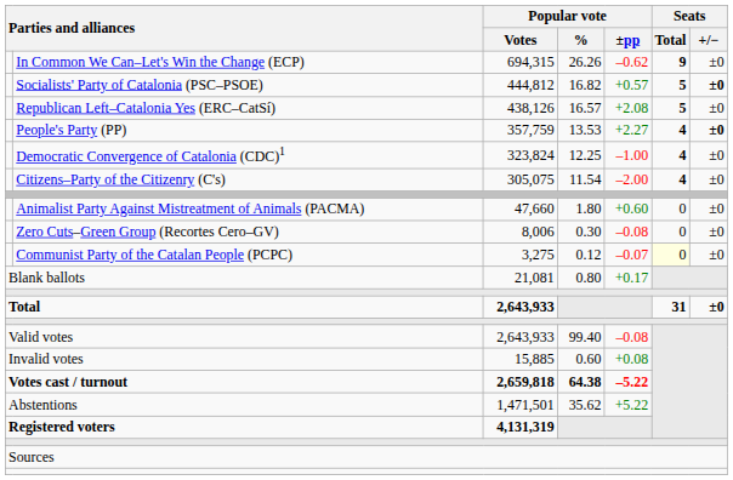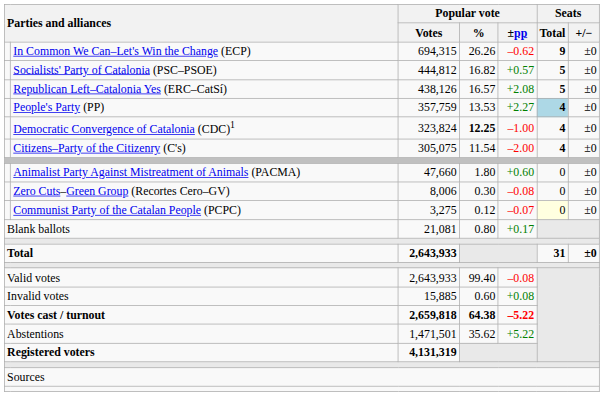 <table class="wikitable" style="text-align:right;">
 <tr>
 <th style="text-align:left;" rowspan="2" colspan="2" width="525">Parties and alliances</th>
 <th colspan="3">Popular vote</th>
 <th colspan="2">Seats</th>
 </tr>
 <tr>
 <th width="75">Votes</th>
 <th width="45">%</th>
 <th width="45">±<a href='#'>pp</a></th>
 <th width="35">Total</th>
 <th width="35">+/−</th>
 </tr>
 <tr>
 <td width="1" style="color:inherit;background:"></td>
 <td align="left"><a href='#'>In Common We Can–Let's Win the Change</a> (ECP)</td>
 <td>694,315</td>
 <td>26.26</td>
 <td style="color:red;">–0.62</td>
 <td><strong>9</strong></td>
 <td>±0</td>
 </tr>
 <tr>
 <td style="color:inherit;background:"></td>
 <td align="left"><a href='#'>Socialists' Party of Catalonia</a> (PSC–PSOE)</td>
 <td>444,812</td>
 <td>16.82</td>
 <td style="color:green;">+0.57</td>
 <td><strong>5</strong></td>
-<td><strong>±0</strong></td>
+<td>±0</td>
 </tr>
 <tr>
 <td style="color:inherit;background:"></td>
 <td align="left"><a href='#'>Republican Left–Catalonia Yes</a> (ERC–CatSí)</td>
 <td>438,126</td>
 <td>16.57</td>
 <td style="color:green;">+2.08</td>
 <td><strong>5</strong></td>
 <td>±0</td>
 </tr>
 <tr>
 <td style="color:inherit;background:"></td>
 <td align="left"><a href='#'>People's Party</a> (PP)</td>
 <td>357,759</td>
 <td>13.53</td>
 <td style="color:green;">+2.27</td>
-<td><strong>4</strong></td>
-<td><strong>±0</strong></td>
+<td style="background: lightblue;"><strong>4</strong></td>
+<td>±0</td>
 </tr>
 <tr>
 <td style="color:inherit;background:"></td>
 <td align="left"><a href='#'>Democratic Convergence of Catalonia</a> (CDC)<sup>1</sup></td>
 <td>323,824</td>
-<td>12.25</td>
+<td><strong>12.25</strong></td>
 <td style="color:red;">–1.00</td>
 <td><strong>4</strong></td>
 <td>±0</td>
 </tr>
 <tr>
 <td style="color:inherit;background:"></td>
 <td align="left"><a href='#'>Citizens–Party of the Citizenry</a> (C's)</td>
 <td>305,075</td>
 <td>11.54</td>
 <td style="color:red;">–2.00</td>
 <td><strong>4</strong></td>
 <td>±0</td>
 </tr>
 <tr>
 <td colspan="7" bgcolor="#C0C0C0"></td>
 </tr>
 <tr>
 <td style="color:inherit;background:"></td>
 <td align="left"><a href='#'>Animalist Party Against Mistreatment of Animals</a> (PACMA)</td>
 <td>47,660</td>
 <td>1.80</td>
 <td style="color:green;">+0.60</td>
 <td>0</td>
 <td>±0</td>
 </tr>
 <tr>
 <td style="color:inherit;background:"></td>
 <td align="left"><a href='#'>Zero Cuts</a>–<a href='#'>Green Group</a> (Recortes Cero–GV)</td>
 <td>8,006</td>
 <td>0.30</td>
 <td style="color:red;">–0.08</td>
 <td>0</td>
 <td>±0</td>
 </tr>
 <tr>
 <td style="color:inherit;background:"></td>
 <td align="left"><a href='#'>Communist Party of the Catalan People</a> (PCPC)</td>
 <td>3,275</td>
 <td>0.12</td>
 <td style="color:red;">–0.07</td>
 <td style="background: lightyellow;">0</td>
 <td>±0</td>
 </tr>
 <tr>
 <td align="left" colspan="2">Blank ballots</td>
 <td>21,081</td>
 <td>0.80</td>
 <td style="color:green;">+0.17</td>
 <td bgcolor="#E9E9E9" colspan="2"></td>
 </tr>
 <tr>
 <td colspan="7" bgcolor="#E9E9E9"></td>
 </tr>
 <tr style="font-weight:bold;">
 <td align="left" colspan="2">Total</td>
 <td>2,643,933</td>
 <td bgcolor="#E9E9E9" colspan="2"></td>
 <td>31</td>
 <td>±0</td>
 </tr>
 <tr>
 <td colspan="7" bgcolor="#E9E9E9"></td>
 </tr>
 <tr>
 <td align="left" colspan="2">Valid votes</td>
 <td>2,643,933</td>
 <td>99.40</td>
 <td style="color:red;">–0.08</td>
 <td bgcolor="#E9E9E9" colspan="2" rowspan="5"></td>
 </tr>
 <tr>
 <td align="left" colspan="2">Invalid votes</td>
 <td>15,885</td>
 <td>0.60</td>
 <td style="color:green;">+0.08</td>
 </tr>
 <tr style="font-weight:bold;">
 <td align="left" colspan="2">Votes cast / turnout</td>
 <td>2,659,818</td>
 <td>64.38</td>
 <td style="color:red;">–5.22</td>
 </tr>
 <tr>
 <td align="left" colspan="2">Abstentions</td>
 <td>1,471,501</td>
 <td>35.62</td>
 <td style="color:green;">+5.22</td>
 </tr>
 <tr style="font-weight:bold;">
 <td align="left" colspan="2">Registered voters</td>
 <td>4,131,319</td>
 <td bgcolor="#E9E9E9" colspan="2"></td>
 </tr>
 <tr>
 <td colspan="7" bgcolor="#E9E9E9"></td>
 </tr>
 <tr>
 <td align="left" colspan="7">Sources</td>
 </tr>
 <tr>
 <td colspan="7" style="text-align:left; max-width:790px;"></td>
 </tr>
 </table>
